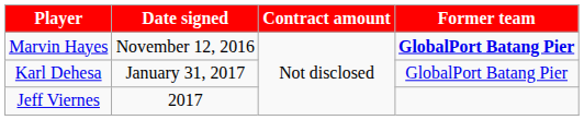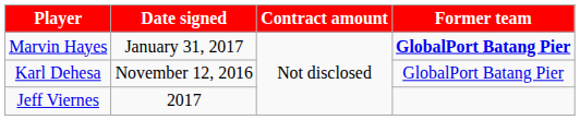 <table class="wikitable sortable sortable" style="text-align: center">
 <tr>
 <th style="background:#FF0000; color:#FFFFFF; ">Player</th>
 <th style="background:#FF0000; color:#FFFFFF; ">Date signed</th>
 <th style="background:#FF0000; color:#FFFFFF; ">Contract amount</th>
 <th style="background:#FF0000; color:#FFFFFF; ">Former team</th>
 </tr>
 <tr>
 <td><a href='#'>Marvin Hayes</a></td>
-<td>November 12, 2016</td>
+<td>January 31, 2017</td>
 <td rowspan="3">Not disclosed</td>
 <td><strong><a href='#'>GlobalPort Batang Pier</a></strong></td>
 </tr>
 <tr>
 <td><a href='#'>Karl Dehesa</a></td>
-<td>January 31, 2017</td>
+<td>November 12, 2016</td>
 <td><a href='#'>GlobalPort Batang Pier</a></td>
 </tr>
 <tr>
 <td><a href='#'>Jeff Viernes</a></td>
 <td>2017</td>
 <td></td>
 </tr>
 </table>
